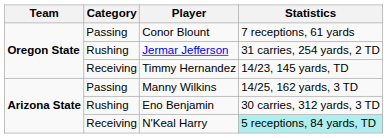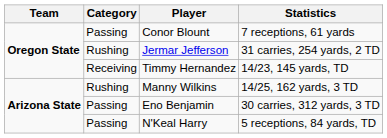 <table class="wikitable" style="float: right;">
 <tr>
 <th>Team</th>
 <th>Category</th>
 <th>Player</th>
 <th>Statistics</th>
 </tr>
 <tr>
 <td rowspan=3><strong>Oregon State</strong></td>
 <td>Passing</td>
 <td>Conor Blount</td>
 <td>7 receptions, 61 yards</td>
 </tr>
 <tr>
 <td>Rushing</td>
 <td><a href='#'>Jermar Jefferson</a></td>
 <td>31 carries, 254 yards, 2 TD</td>
 </tr>
 <tr>
 <td>Receiving</td>
 <td>Timmy Hernandez</td>
 <td>14/23, 145 yards, TD</td>
 </tr>
 <tr>
 <td rowspan=3><strong>Arizona State</strong></td>
-<td>Passing</td>
+<td>Rushing</td>
 <td>Manny Wilkins</td>
 <td>14/25, 162 yards, 3 TD</td>
 </tr>
 <tr>
-<td>Rushing</td>
+<td>Passing</td>
 <td>Eno Benjamin</td>
 <td>30 carries, 312 yards, 3 TD</td>
 </tr>
 <tr>
-<td>Receiving</td>
+<td>Passing</td>
 <td>N'Keal Harry</td>
-<td style="background: paleturquoise;">5 receptions, 84 yards, TD</td>
+<td>5 receptions, 84 yards, TD</td>
 </tr>
 </table>
